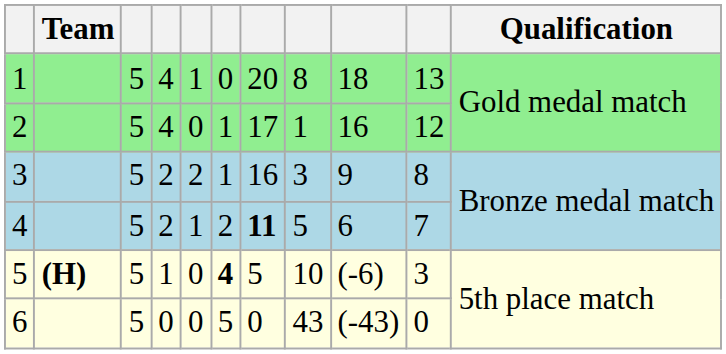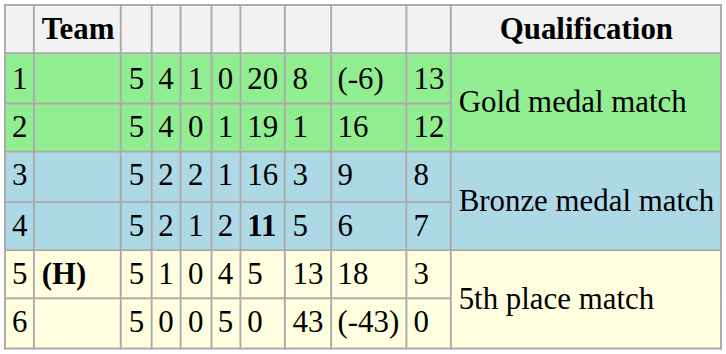 <table class="wikitable">
 <tr>
 <th></th>
 <th>Team</th>
 <th></th>
 <th></th>
 <th></th>
 <th></th>
 <th></th>
 <th></th>
 <th></th>
 <th></th>
 <th>Qualification</th>
 </tr>
 <tr bgcolor=lightgreen>
 <td>1</td>
 <td></td>
 <td>5</td>
 <td>4</td>
 <td>1</td>
 <td>0</td>
 <td>20</td>
 <td>8</td>
-<td>18</td>
+<td>(-6)</td>
 <td>13</td>
 <td rowspan=2>Gold medal match</td>
 </tr>
 <tr bgcolor=lightgreen>
 <td>2</td>
 <td></td>
 <td>5</td>
 <td>4</td>
 <td>0</td>
 <td>1</td>
-<td>17</td>
+<td>19</td>
 <td>1</td>
 <td>16</td>
 <td>12</td>
 </tr>
 <tr bgcolor=lightblue>
 <td>3</td>
 <td></td>
 <td>5</td>
 <td>2</td>
 <td>2</td>
 <td>1</td>
 <td>16</td>
 <td>3</td>
 <td>9</td>
 <td>8</td>
 <td rowspan=2>Bronze medal match</td>
 </tr>
 <tr bgcolor=lightblue>
 <td>4</td>
 <td></td>
 <td>5</td>
 <td>2</td>
 <td>1</td>
 <td>2</td>
 <td><strong>11</strong></td>
 <td>5</td>
 <td>6</td>
 <td>7</td>
 </tr>
 <tr bgcolor=lightyellow>
 <td>5</td>
 <td> <strong>(H)</strong></td>
 <td>5</td>
 <td>1</td>
 <td>0</td>
-<td><strong>4</strong></td>
+<td>4</td>
 <td>5</td>
-<td>10</td>
-<td>(-6)</td>
+<td>13</td>
+<td>18</td>
 <td>3</td>
 <td rowspan=2>5th place match</td>
 </tr>
 <tr bgcolor=lightyellow>
 <td>6</td>
 <td></td>
 <td>5</td>
 <td>0</td>
 <td>0</td>
 <td>5</td>
 <td>0</td>
 <td>43</td>
 <td>(-43)</td>
 <td>0</td>
 </tr>
 </table>
